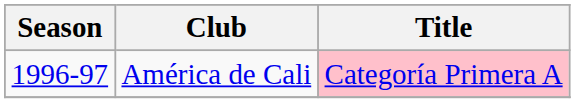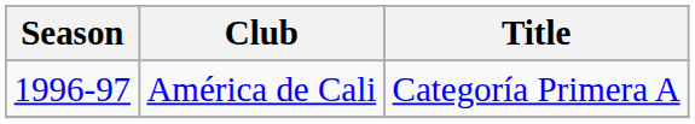 <table class="wikitable">
 <tr>
 <th>Season</th>
 <th>Club</th>
 <th>Title</th>
 </tr>
 <tr>
 <td><a href='#'>1996-97</a></td>
 <td><a href='#'>América de Cali</a></td>
-<td style="background: pink;"><a href='#'>Categoría Primera A</a></td>
+<td><a href='#'>Categoría Primera A</a></td>
 </tr>
 <tr>
 </tr>
 </table>
